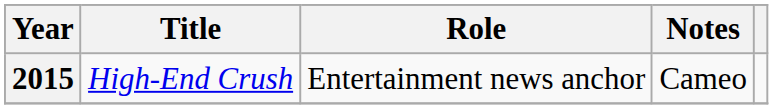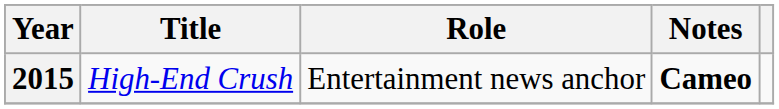 <table class="wikitable plainrowheaders">
 <tr>
 <th scope="col">Year</th>
 <th scope="col">Title</th>
 <th scope="col">Role</th>
 <th scope="col">Notes</th>
 <th scope="col"></th>
 </tr>
 <tr>
 <th scope="row">2015</th>
 <td><em><a href='#'>High-End Crush</a></em></td>
 <td>Entertainment news anchor</td>
-<td>Cameo</td>
+<td><strong>Cameo</strong></td>
 <td style="text-align:center"></td>
 </tr>
 <tr>
 </tr>
 </table>
